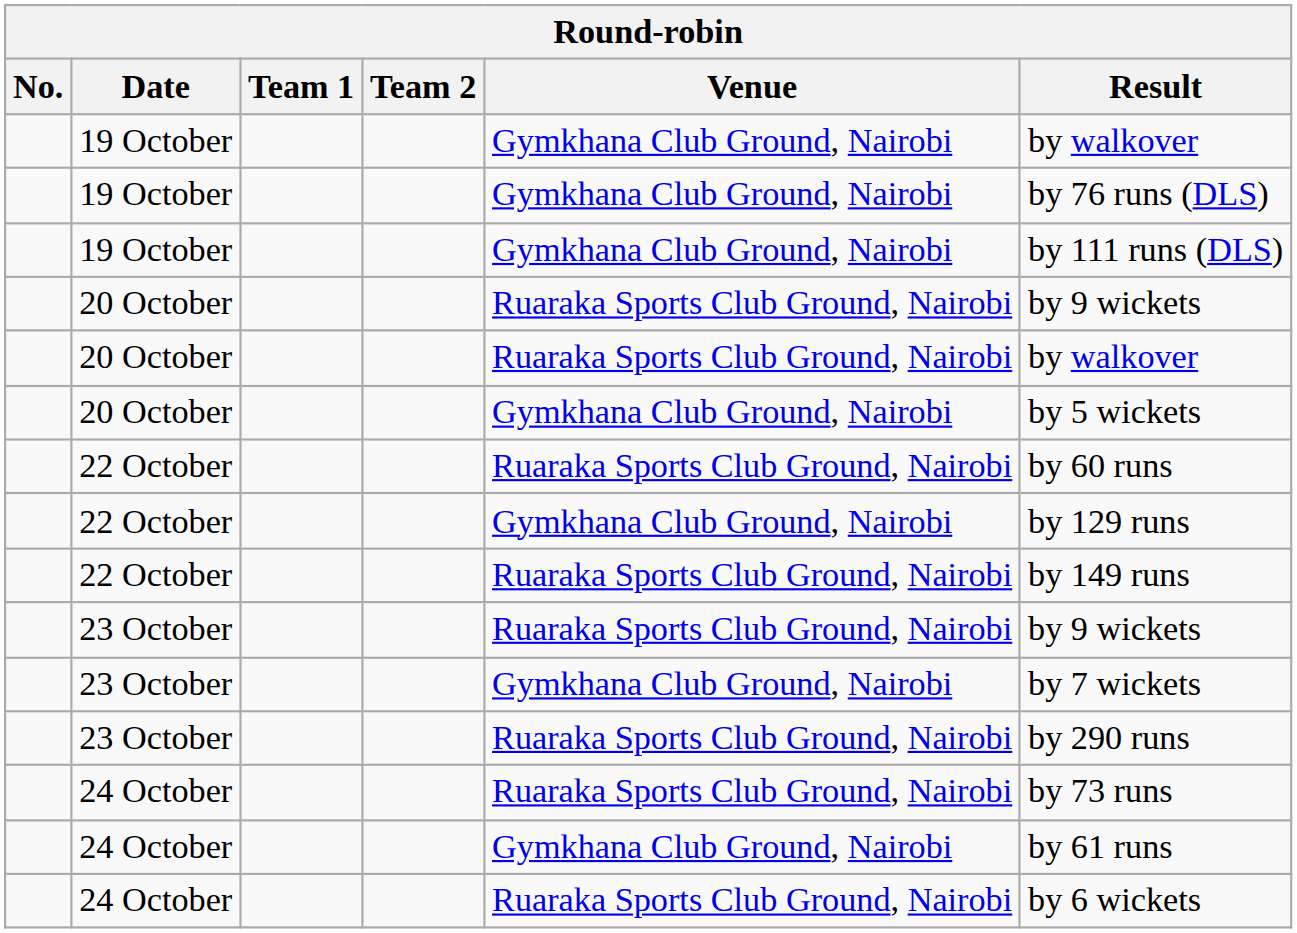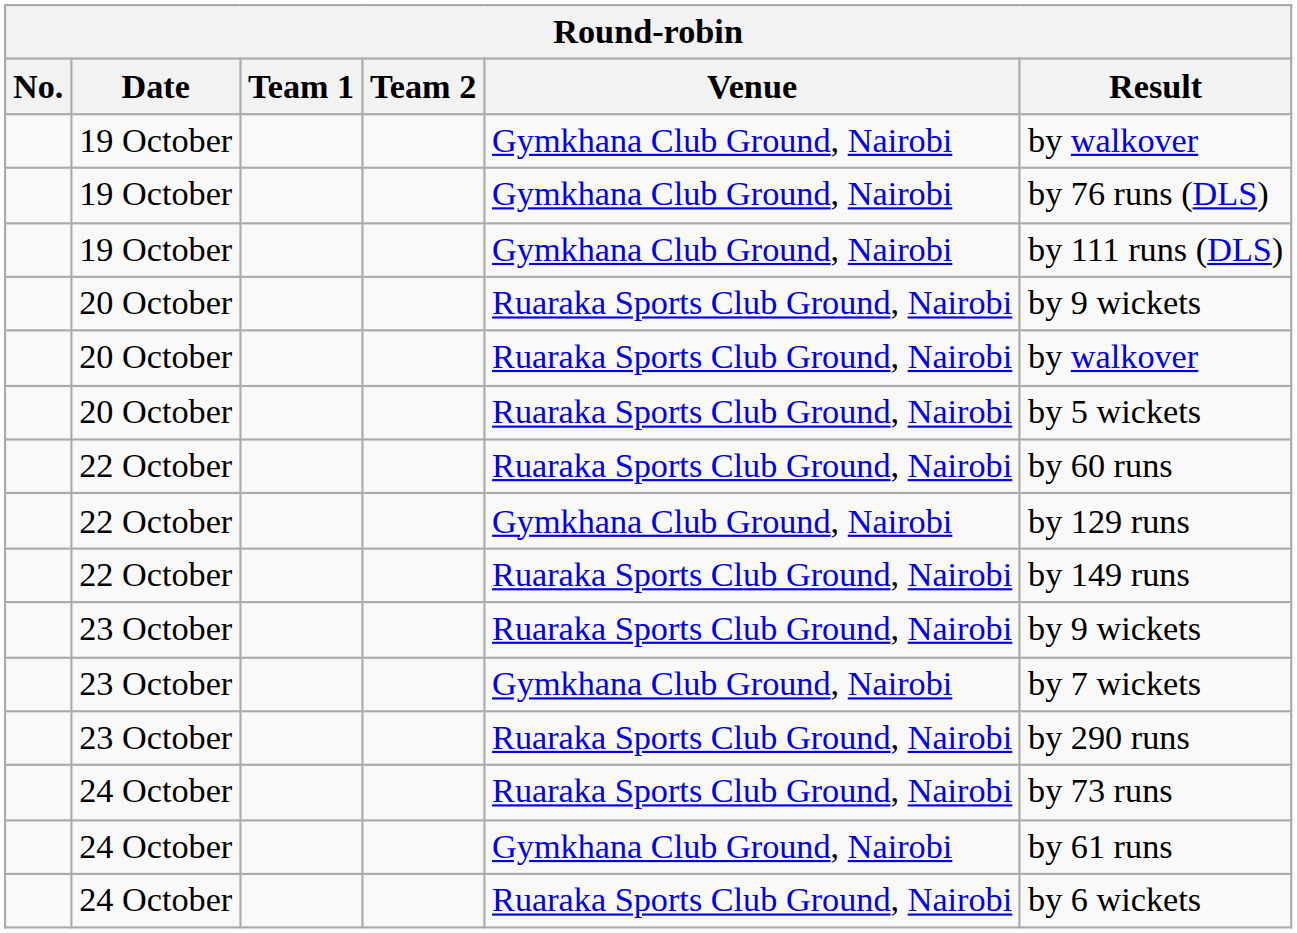 <table class="wikitable">
 <tr>
 <th colspan="6">Round-robin</th>
 </tr>
 <tr>
 <th>No.</th>
 <th>Date</th>
 <th>Team 1</th>
 <th>Team 2</th>
 <th>Venue</th>
 <th>Result</th>
 </tr>
 <tr>
 <td></td>
 <td>19 October</td>
 <td></td>
 <td></td>
 <td><a href='#'>Gymkhana Club Ground</a>, <a href='#'>Nairobi</a></td>
 <td> by <a href='#'>walkover</a></td>
 </tr>
 <tr>
 <td></td>
 <td>19 October</td>
 <td></td>
 <td></td>
 <td><a href='#'>Gymkhana Club Ground</a>, <a href='#'>Nairobi</a></td>
 <td> by 76 runs (<a href='#'>DLS</a>)</td>
 </tr>
 <tr>
 <td></td>
 <td>19 October</td>
 <td></td>
 <td></td>
 <td><a href='#'>Gymkhana Club Ground</a>, <a href='#'>Nairobi</a></td>
 <td> by 111 runs (<a href='#'>DLS</a>)</td>
 </tr>
 <tr>
 <td></td>
 <td>20 October</td>
 <td></td>
 <td></td>
 <td><a href='#'>Ruaraka Sports Club Ground</a>, <a href='#'>Nairobi</a></td>
 <td> by 9 wickets</td>
 </tr>
 <tr>
 <td></td>
 <td>20 October</td>
 <td></td>
 <td></td>
 <td><a href='#'>Ruaraka Sports Club Ground</a>, <a href='#'>Nairobi</a></td>
 <td> by <a href='#'>walkover</a></td>
 </tr>
 <tr>
 <td></td>
 <td>20 October</td>
 <td></td>
 <td></td>
-<td><a href='#'>Gymkhana Club Ground</a>, <a href='#'>Nairobi</a></td>
+<td><a href='#'>Ruaraka Sports Club Ground</a>, <a href='#'>Nairobi</a></td>
 <td> by 5 wickets</td>
 </tr>
 <tr>
 <td></td>
 <td>22 October</td>
 <td></td>
 <td></td>
 <td><a href='#'>Ruaraka Sports Club Ground</a>, <a href='#'>Nairobi</a></td>
 <td> by 60 runs</td>
 </tr>
 <tr>
 <td></td>
 <td>22 October</td>
 <td></td>
 <td></td>
 <td><a href='#'>Gymkhana Club Ground</a>, <a href='#'>Nairobi</a></td>
 <td> by 129 runs</td>
 </tr>
 <tr>
 <td></td>
 <td>22 October</td>
 <td></td>
 <td></td>
 <td><a href='#'>Ruaraka Sports Club Ground</a>, <a href='#'>Nairobi</a></td>
 <td> by 149 runs</td>
 </tr>
 <tr>
 <td></td>
 <td>23 October</td>
 <td></td>
 <td></td>
 <td><a href='#'>Ruaraka Sports Club Ground</a>, <a href='#'>Nairobi</a></td>
 <td> by 9 wickets</td>
 </tr>
 <tr>
 <td></td>
 <td>23 October</td>
 <td></td>
 <td></td>
 <td><a href='#'>Gymkhana Club Ground</a>, <a href='#'>Nairobi</a></td>
 <td> by 7 wickets</td>
 </tr>
 <tr>
 <td></td>
 <td>23 October</td>
 <td></td>
 <td></td>
 <td><a href='#'>Ruaraka Sports Club Ground</a>, <a href='#'>Nairobi</a></td>
 <td> by 290 runs</td>
 </tr>
 <tr>
 <td></td>
 <td>24 October</td>
 <td></td>
 <td></td>
 <td><a href='#'>Ruaraka Sports Club Ground</a>, <a href='#'>Nairobi</a></td>
 <td> by 73 runs</td>
 </tr>
 <tr>
 <td></td>
 <td>24 October</td>
 <td></td>
 <td></td>
 <td><a href='#'>Gymkhana Club Ground</a>, <a href='#'>Nairobi</a></td>
 <td> by 61 runs</td>
 </tr>
 <tr>
 <td></td>
 <td>24 October</td>
 <td></td>
 <td></td>
 <td><a href='#'>Ruaraka Sports Club Ground</a>, <a href='#'>Nairobi</a></td>
 <td> by 6 wickets</td>
 </tr>
 </table>
